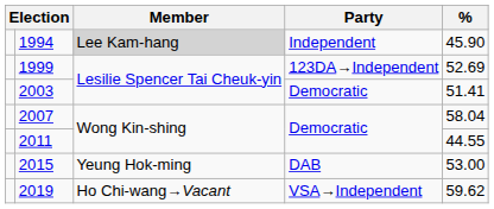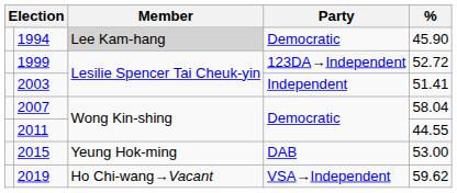 <table class="wikitable">
 <tr>
 <th colspan="2">Election</th>
 <th>Member</th>
 <th>Party</th>
 <th>%</th>
 </tr>
 <tr>
 <td style="background-color: "></td>
 <td><a href='#'>1994</a></td>
 <td style="background: lightgrey;">Lee Kam-hang</td>
-<td><a href='#'>Independent</a></td>
+<td><a href='#'>Democratic</a></td>
 <td>45.90</td>
 </tr>
 <tr>
 <td style="background-color: "></td>
 <td><a href='#'>1999</a></td>
 <td rowspan=2><a href='#'>Lesilie Spencer Tai Cheuk-yin</a></td>
 <td><a href='#'>123DA</a>→<a href='#'>Independent</a></td>
-<td>52.69</td>
+<td>52.72</td>
 </tr>
 <tr>
 <td style="background-color: "></td>
 <td><a href='#'>2003</a></td>
-<td><a href='#'>Democratic</a></td>
+<td><a href='#'>Independent</a></td>
 <td>51.41</td>
 </tr>
 <tr>
 <td style="background-color: "></td>
 <td><a href='#'>2007</a></td>
 <td rowspan=2>Wong Kin-shing</td>
 <td rowspan=2><a href='#'>Democratic</a></td>
 <td>58.04</td>
 </tr>
 <tr>
 <td style="background-color: "></td>
 <td><a href='#'>2011</a></td>
 <td>44.55</td>
 </tr>
 <tr>
 <td style="background-color: "></td>
 <td><a href='#'>2015</a></td>
 <td>Yeung Hok-ming</td>
 <td><a href='#'>DAB</a></td>
 <td>53.00</td>
 </tr>
 <tr>
 <td style="background-color: "></td>
 <td><a href='#'>2019</a></td>
 <td>Ho Chi-wang→<em>Vacant</em></td>
 <td><a href='#'>VSA</a>→<a href='#'>Independent</a></td>
 <td>59.62</td>
 </tr>
 </table>
